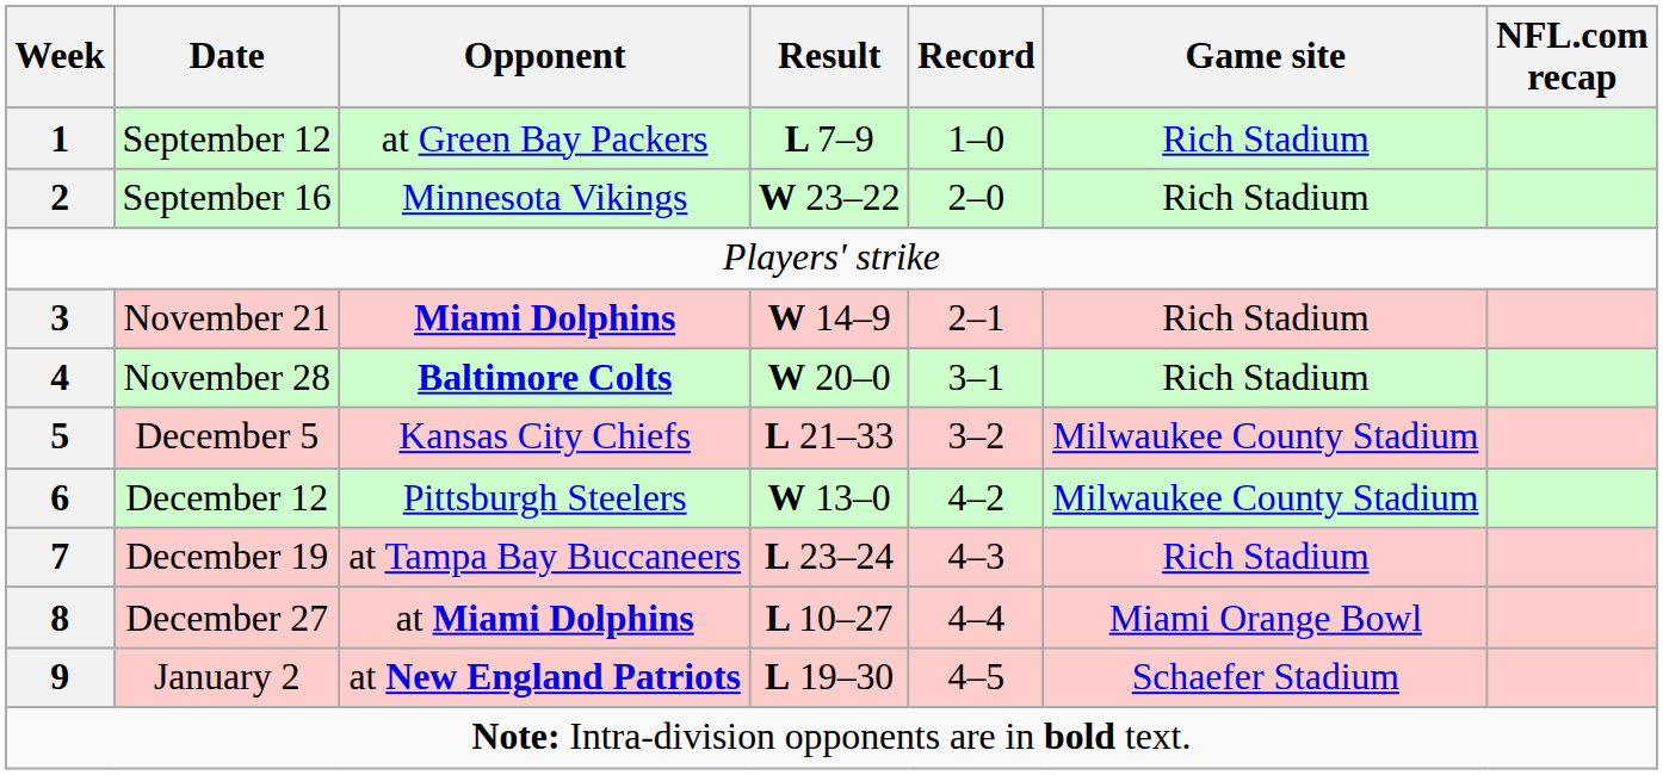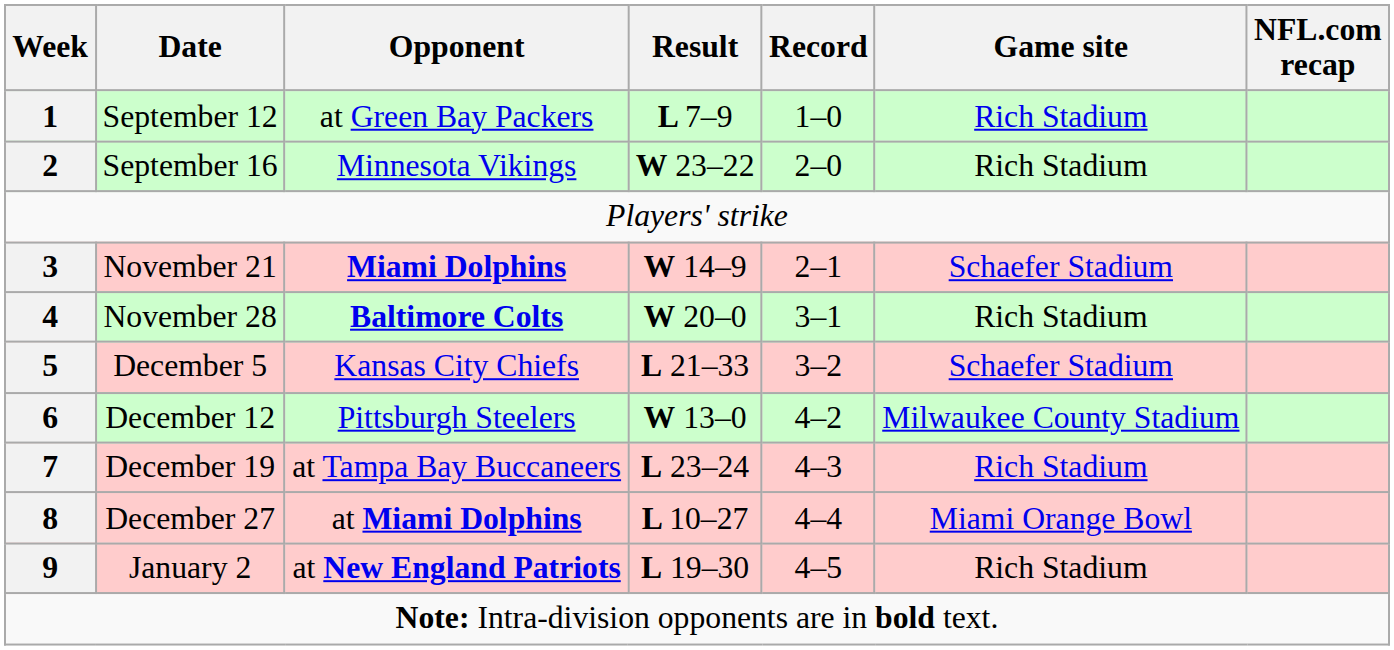 <table class="wikitable" style="text-align:center">
 <tr>
 <th>Week</th>
 <th>Date</th>
 <th>Opponent</th>
 <th>Result</th>
 <th>Record</th>
 <th>Game site</th>
 <th>NFL.com<br>recap</th>
 </tr>
 <tr style="background:#cfc">
 <th>1</th>
 <td>September 12</td>
 <td>at <a href='#'>Green Bay Packers</a></td>
 <td><strong>L </strong> 7–9</td>
 <td>1–0</td>
 <td><a href='#'>Rich Stadium</a></td>
 <td></td>
 </tr>
 <tr style="background:#cfc">
 <th>2</th>
 <td>September 16</td>
 <td><a href='#'>Minnesota Vikings</a></td>
 <td><strong>W</strong> 23–22</td>
 <td>2–0</td>
 <td>Rich Stadium</td>
 <td></td>
 </tr>
 <tr>
 <td colspan=8 align="center"><em>Players' strike</em></td>
 </tr>
 <tr style="background:#fcc">
 <th>3</th>
 <td>November 21</td>
 <td><strong><a href='#'>Miami Dolphins</a></strong></td>
 <td><strong>W</strong> 14–9</td>
 <td>2–1</td>
-<td>Rich Stadium</td>
+<td><a href='#'>Schaefer Stadium</a></td>
 <td></td>
 </tr>
 <tr align="center" bgcolor="ccffcc">
 <th>4</th>
 <td>November 28</td>
 <td><strong><a href='#'>Baltimore Colts</a></strong></td>
 <td><strong>W</strong> 20–0</td>
 <td>3–1</td>
 <td>Rich Stadium</td>
 <td></td>
 </tr>
 <tr style="background:#fcc">
 <th>5</th>
 <td>December 5</td>
 <td><a href='#'>Kansas City Chiefs</a></td>
 <td><strong>L</strong> 21–33</td>
 <td>3–2</td>
-<td><a href='#'>Milwaukee County Stadium</a></td>
+<td><a href='#'>Schaefer Stadium</a></td>
 <td></td>
 </tr>
 <tr style="background:#cfc">
 <th>6</th>
 <td>December 12</td>
 <td><a href='#'>Pittsburgh Steelers</a></td>
 <td><strong>W</strong> 13–0</td>
 <td>4–2</td>
 <td><a href='#'>Milwaukee County Stadium</a></td>
 <td></td>
 </tr>
 <tr style="background:#fcc">
 <th>7</th>
 <td>December 19</td>
 <td>at <a href='#'>Tampa Bay Buccaneers</a></td>
 <td><strong>L</strong>  23–24</td>
 <td>4–3</td>
 <td><a href='#'>Rich Stadium</a></td>
 <td></td>
 </tr>
 <tr style="background:#fcc">
 <th>8</th>
 <td>December 27</td>
 <td>at <strong><a href='#'>Miami Dolphins</a></strong></td>
 <td><strong>L </strong> 10–27</td>
 <td>4–4</td>
 <td><a href='#'>Miami Orange Bowl</a></td>
 <td></td>
 </tr>
 <tr align="center" bgcolor="ffcccc">
 <th>9</th>
 <td>January 2</td>
 <td>at <strong><a href='#'>New England Patriots</a></strong></td>
 <td><strong>L</strong> 19–30</td>
 <td>4–5</td>
-<td><a href='#'>Schaefer Stadium</a></td>
+<td>Rich Stadium</td>
 <td></td>
 </tr>
 <tr>
 <td colspan="8"><strong>Note:</strong> Intra-division opponents are in <strong>bold</strong> text.</td>
 </tr>
 </table>
